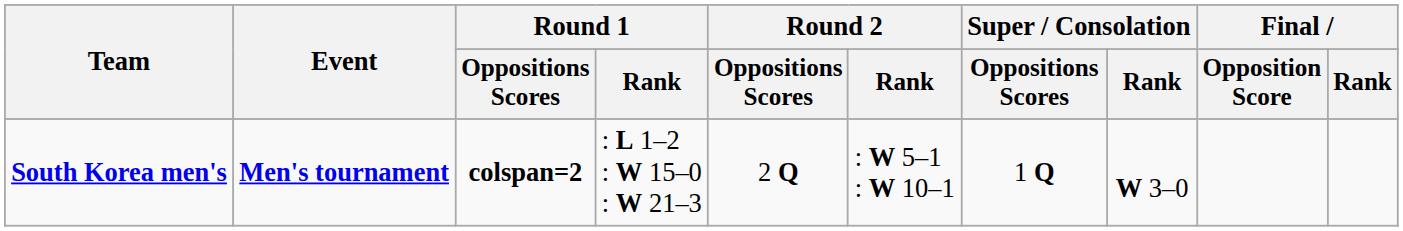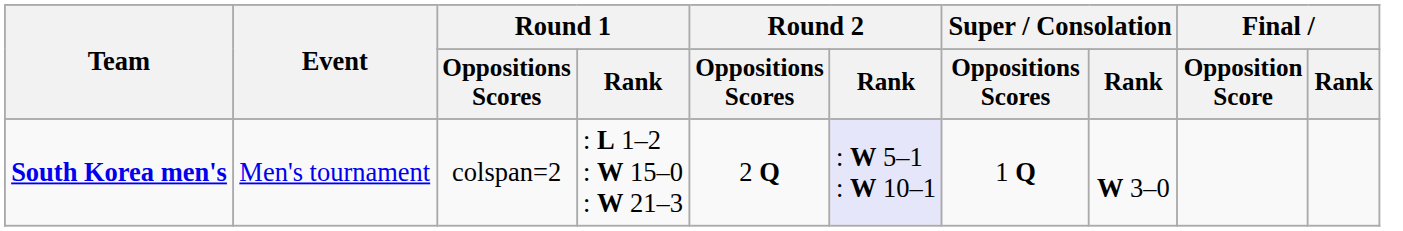 <table class=wikitable style="font-size:90%; text-align:center;">
 <tr>
 <th rowspan=2>Team</th>
 <th rowspan=2>Event</th>
 <th colspan=2>Round 1</th>
 <th colspan=2>Round 2</th>
 <th colspan=2>Super / Consolation</th>
 <th colspan=2>Final / </th>
 </tr>
 <tr style=font-size:95%>
 <th>Oppositions<br>Scores</th>
 <th>Rank</th>
 <th>Oppositions<br>Scores</th>
 <th>Rank</th>
 <th>Oppositions<br>Scores</th>
 <th>Rank</th>
 <th>Opposition<br>Score</th>
 <th>Rank</th>
 </tr>
 <tr>
 <td align=left><strong><a href='#'>South Korea men's</a></strong></td>
-<td align=left><strong><a href='#'>Men's tournament</a></strong></td>
-<td><strong>colspan=2 </strong></td>
+<td align=left><a href='#'>Men's tournament</a></td>
+<td>colspan=2 </td>
 <td align=left>: <strong>L</strong> 1–2<br>: <strong>W</strong> 15–0<br>: <strong>W</strong> 21–3</td>
 <td>2 <strong>Q</strong></td>
-<td align=left>: <strong>W</strong> 5–1<br>: <strong>W</strong> 10–1</td>
+<td align=left style="background: lavender;">: <strong>W</strong> 5–1<br>: <strong>W</strong> 10–1</td>
 <td>1 <strong>Q</strong></td>
 <td><br><strong>W</strong> 3–0</td>
 <td></td>
 </tr>
 </table>
